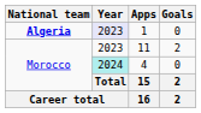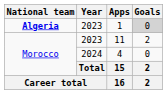 <table class="wikitable" style="text-align:center">
 <tr>
 <th>National team</th>
 <th>Year</th>
 <th>Apps</th>
 <th>Goals</th>
 </tr>
 <tr>
 <td><strong><a href='#'>Algeria</a></strong></td>
-<td style="background: lavender;">2023</td>
+<td>2023</td>
 <td>1</td>
-<td>0</td>
+<td style="background: lightgrey;">0</td>
 </tr>
 <tr>
 <td rowspan="3"><a href='#'>Morocco</a></td>
 <td>2023</td>
 <td>11</td>
 <td>2</td>
 </tr>
 <tr>
-<td style="background: paleturquoise;">2024</td>
+<td>2024</td>
 <td>4</td>
 <td>0</td>
 </tr>
 <tr>
 <th>Total</th>
 <th>15</th>
 <th>2</th>
 </tr>
 <tr>
 <th colspan="2">Career total</th>
 <th>16</th>
 <th>2</th>
 </tr>
 </table>
